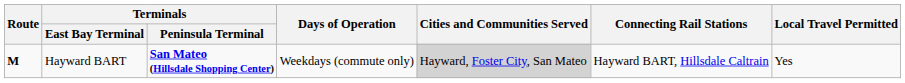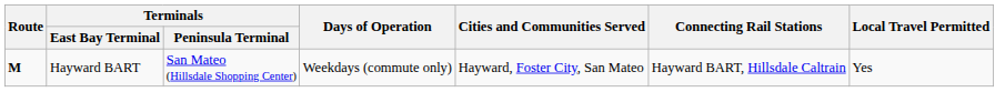 <table class="wikitable">
 <tr>
 <th rowspan="2">Route</th>
 <th colspan="2">Terminals</th>
 <th rowspan="2">Days of Operation</th>
 <th rowspan="2">Cities and Communities Served</th>
 <th rowspan="2">Connecting Rail Stations</th>
 <th rowspan="2">Local Travel Permitted</th>
 </tr>
 <tr>
 <th>East Bay Terminal</th>
 <th>Peninsula Terminal</th>
 </tr>
 <tr>
 <td><strong>M</strong></td>
 <td>Hayward BART</td>
-<td><strong><a href='#'>San Mateo</a><br><small>(<a href='#'>Hillsdale Shopping Center</a>)</small></strong></td>
+<td><a href='#'>San Mateo</a><br><small>(<a href='#'>Hillsdale Shopping Center</a>)</small></td>
 <td>Weekdays (commute only)</td>
-<td style="background: lightgrey;">Hayward, <a href='#'>Foster City</a>, San Mateo</td>
+<td>Hayward, <a href='#'>Foster City</a>, San Mateo</td>
 <td>Hayward BART, <a href='#'>Hillsdale Caltrain</a></td>
 <td>Yes</td>
 </tr>
 </table>
